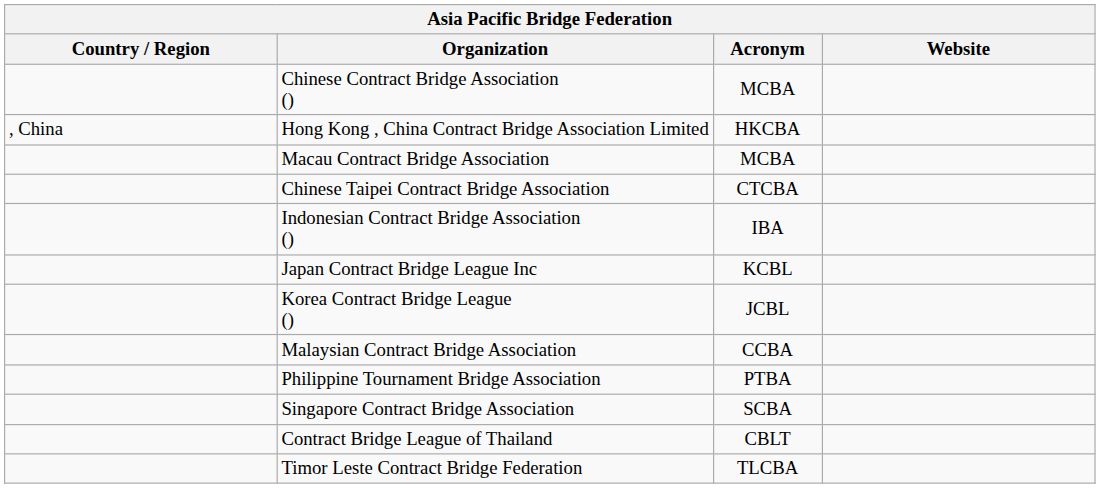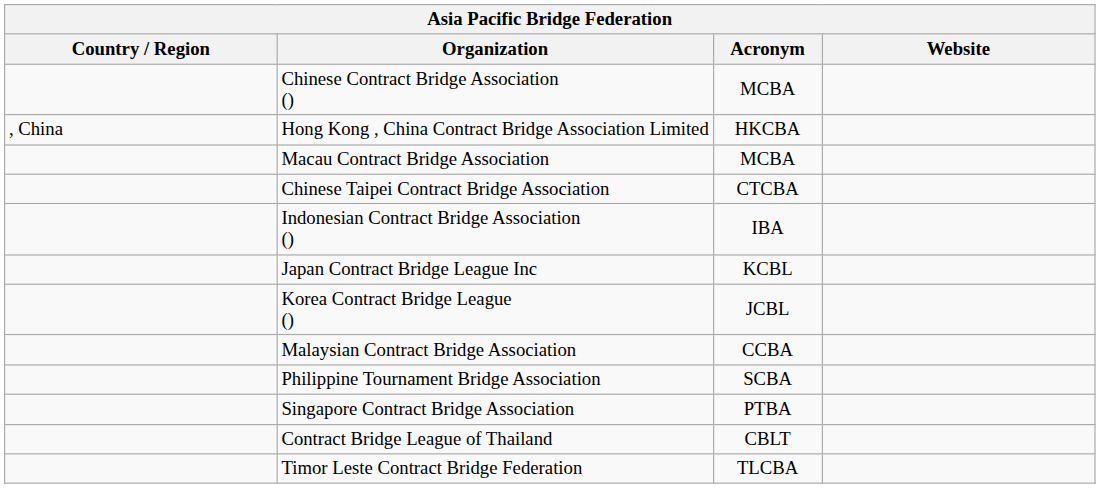 <table class="wikitable">
 <tr>
 <th colspan=5>Asia Pacific Bridge Federation</th>
 </tr>
 <tr>
 <th width="25%">Country / Region</th>
 <th width="40%">Organization</th>
 <th width="10%">Acronym</th>
 <th width="25%">Website</th>
 </tr>
 <tr>
 <td></td>
 <td>Chinese Contract Bridge Association<br>()</td>
 <td align=center>MCBA</td>
 <td></td>
 </tr>
 <tr>
 <td>, China</td>
 <td>Hong Kong , China Contract Bridge Association Limited</td>
 <td align=center>HKCBA</td>
 <td></td>
 </tr>
 <tr>
 <td></td>
 <td>Macau Contract Bridge Association</td>
 <td align=center>MCBA</td>
 <td></td>
 </tr>
 <tr>
 <td></td>
 <td>Chinese Taipei Contract Bridge Association</td>
 <td align=center>CTCBA</td>
 <td></td>
 </tr>
 <tr>
 <td></td>
 <td>Indonesian Contract Bridge Association<br>()</td>
 <td align=center>IBA</td>
 <td></td>
 </tr>
 <tr>
 <td></td>
 <td>Japan Contract Bridge League Inc</td>
 <td align=center>KCBL</td>
 <td></td>
 </tr>
 <tr>
 <td></td>
 <td>Korea Contract Bridge League<br>()</td>
 <td align=center>JCBL</td>
 <td></td>
 </tr>
 <tr>
 <td></td>
 <td>Malaysian Contract Bridge Association</td>
 <td align=center>CCBA</td>
 <td></td>
 </tr>
 <tr>
 <td></td>
 <td>Philippine Tournament Bridge Association</td>
-<td align=center>PTBA</td>
+<td align=center>SCBA</td>
 <td></td>
 </tr>
 <tr>
 <td></td>
 <td>Singapore Contract Bridge Association</td>
-<td align=center>SCBA</td>
+<td align=center>PTBA</td>
 <td></td>
 </tr>
 <tr>
 <td></td>
 <td>Contract Bridge League of Thailand</td>
 <td align=center>CBLT</td>
 <td></td>
 </tr>
 <tr>
 <td></td>
 <td>Timor Leste Contract Bridge Federation</td>
 <td align=center>TLCBA</td>
 <td></td>
 </tr>
 </table>
